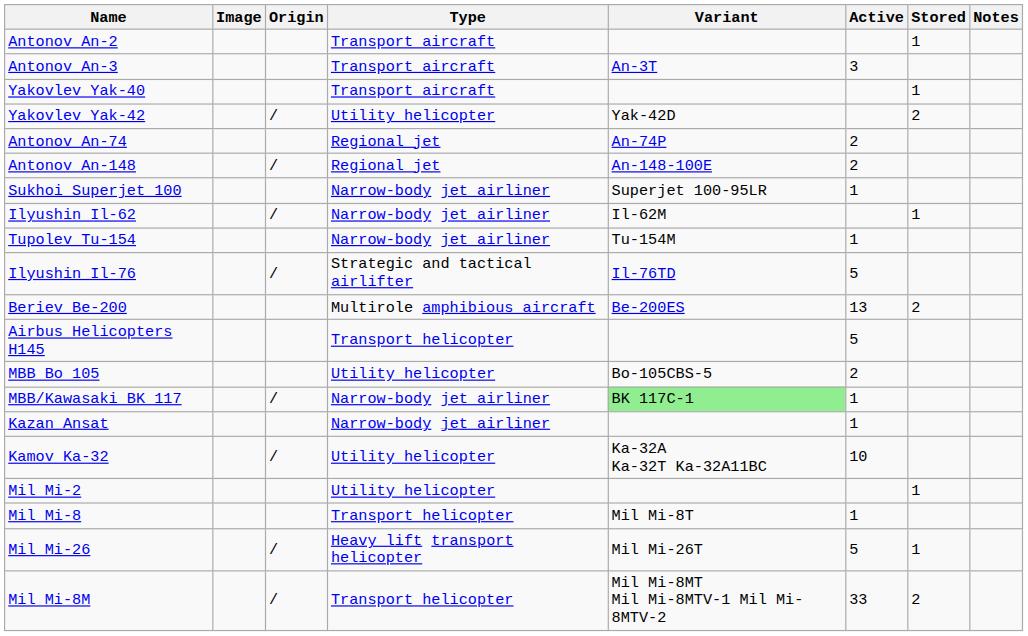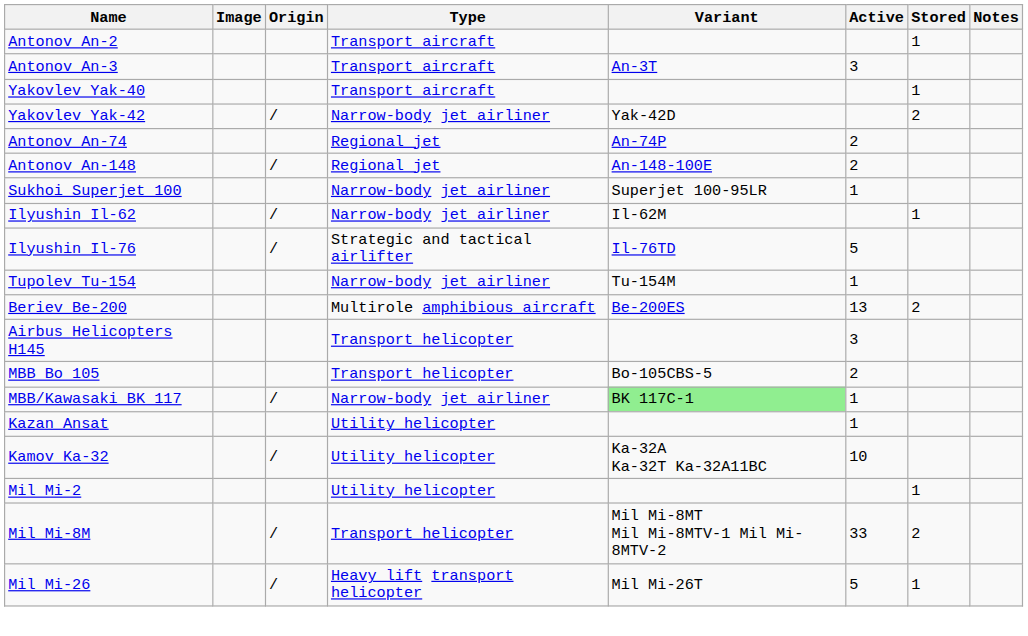 <table class="wikitable sortable">
 <tr>
 <th>Name</th>
 <th>Image</th>
 <th>Origin</th>
 <th>Type</th>
 <th>Variant</th>
 <th>Active</th>
 <th>Stored</th>
 <th>Notes</th>
 </tr>
 <tr>
 <td><a href='#'>Antonov An-2</a></td>
 <td></td>
 <td></td>
 <td><a href='#'>Transport aircraft</a></td>
 <td></td>
 <td></td>
 <td>1</td>
 <td></td>
 </tr>
 <tr>
 <td><a href='#'>Antonov An-3</a></td>
 <td></td>
 <td></td>
 <td><a href='#'>Transport aircraft</a></td>
 <td><a href='#'>An-3T</a></td>
 <td>3</td>
 <td></td>
 <td></td>
 </tr>
 <tr>
 <td><a href='#'>Yakovlev Yak-40</a></td>
 <td></td>
 <td></td>
 <td><a href='#'>Transport aircraft</a></td>
 <td></td>
 <td></td>
 <td>1</td>
 <td></td>
 </tr>
 <tr>
 <td><a href='#'>Yakovlev Yak-42</a></td>
 <td></td>
 <td> / </td>
-<td><a href='#'>Utility helicopter</a></td>
+<td><a href='#'>Narrow-body</a> <a href='#'>jet airliner</a></td>
 <td>Yak-42D</td>
 <td></td>
 <td>2</td>
 <td></td>
 </tr>
 <tr>
 <td><a href='#'>Antonov An-74</a></td>
 <td></td>
 <td></td>
 <td><a href='#'>Regional jet</a></td>
 <td><a href='#'>An-74P</a></td>
 <td>2</td>
 <td></td>
 <td></td>
 </tr>
 <tr>
 <td><a href='#'>Antonov An-148</a></td>
 <td></td>
 <td> / </td>
 <td><a href='#'>Regional jet</a></td>
 <td><a href='#'>An-148-100E</a></td>
 <td>2</td>
 <td></td>
 <td></td>
 </tr>
 <tr>
 <td><a href='#'>Sukhoi Superjet 100</a></td>
 <td></td>
 <td></td>
 <td><a href='#'>Narrow-body</a> <a href='#'>jet airliner</a></td>
 <td>Superjet 100-95LR</td>
 <td>1</td>
 <td></td>
 <td></td>
 </tr>
 <tr>
 <td><a href='#'>Ilyushin Il-62</a></td>
 <td></td>
 <td> / </td>
 <td><a href='#'>Narrow-body</a> <a href='#'>jet airliner</a></td>
 <td>Il-62M</td>
 <td></td>
 <td>1</td>
 <td></td>
 </tr>
 <tr>
+<td><a href='#'>Ilyushin Il-76</a></td>
+<td></td>
+<td> / </td>
+<td>Strategic and tactical <a href='#'>airlifter</a></td>
+<td><a href='#'>Il-76TD</a></td>
+<td>5</td>
+<td></td>
+<td></td>
+</tr>
+<tr>
 <td><a href='#'>Tupolev Tu-154</a></td>
 <td></td>
 <td></td>
 <td><a href='#'>Narrow-body</a> <a href='#'>jet airliner</a></td>
 <td>Tu-154M</td>
 <td>1</td>
-<td></td>
-<td></td>
-</tr>
-<tr>
-<td><a href='#'>Ilyushin Il-76</a></td>
-<td></td>
-<td> / </td>
-<td>Strategic and tactical <a href='#'>airlifter</a></td>
-<td><a href='#'>Il-76TD</a></td>
-<td>5</td>
 <td></td>
 <td></td>
 </tr>
 <tr>
 <td><a href='#'>Beriev Be-200</a></td>
 <td></td>
 <td></td>
 <td>Multirole <a href='#'>amphibious aircraft</a></td>
 <td><a href='#'>Be-200ES</a></td>
 <td>13</td>
 <td>2</td>
 <td></td>
 </tr>
 <tr>
 <td><a href='#'>Airbus Helicopters H145</a></td>
 <td></td>
 <td></td>
 <td><a href='#'>Transport helicopter</a></td>
 <td></td>
-<td>5</td>
+<td>3</td>
 <td></td>
 <td></td>
 </tr>
 <tr>
 <td><a href='#'>MBB Bo 105</a></td>
 <td></td>
 <td></td>
-<td><a href='#'>Utility helicopter</a></td>
+<td><a href='#'>Transport helicopter</a></td>
 <td>Bo-105CBS-5</td>
 <td>2</td>
 <td></td>
 <td></td>
 </tr>
 <tr>
 <td><a href='#'>MBB/Kawasaki BK 117</a></td>
 <td></td>
 <td> / </td>
 <td><a href='#'>Narrow-body</a> <a href='#'>jet airliner</a></td>
 <td style="background: lightgreen;">BK 117C-1</td>
 <td>1</td>
 <td></td>
 <td></td>
 </tr>
 <tr>
 <td><a href='#'>Kazan Ansat</a></td>
 <td></td>
 <td></td>
-<td><a href='#'>Narrow-body</a> <a href='#'>jet airliner</a></td>
+<td><a href='#'>Utility helicopter</a></td>
 <td></td>
 <td>1</td>
 <td></td>
 <td></td>
 </tr>
 <tr>
 <td><a href='#'>Kamov Ka-32</a></td>
 <td></td>
 <td> / </td>
 <td><a href='#'>Utility helicopter</a></td>
 <td>Ka-32A<br>Ka-32T Ka-32A11BC</td>
 <td>10</td>
 <td></td>
 <td></td>
 </tr>
 <tr>
 <td><a href='#'>Mil Mi-2</a></td>
 <td></td>
 <td></td>
 <td><a href='#'>Utility helicopter</a></td>
 <td></td>
 <td></td>
 <td>1</td>
 <td></td>
 </tr>
 <tr>
-<td><a href='#'>Mil Mi-8</a></td>
+<td><a href='#'>Mil Mi-8M</a></td>
 <td></td>
-<td></td>
+<td> / </td>
 <td><a href='#'>Transport helicopter</a></td>
-<td>Mil Mi-8T</td>
-<td>1</td>
-<td></td>
+<td>Mil Mi-8MT<br>Mil Mi-8MTV-1 Mil Mi-8MTV-2</td>
+<td>33</td>
+<td>2</td>
 <td></td>
 </tr>
 <tr>
 <td><a href='#'>Mil Mi-26</a></td>
 <td></td>
 <td> / </td>
 <td><a href='#'>Heavy lift</a> <a href='#'>transport helicopter</a></td>
 <td>Mil Mi-26T</td>
 <td>5</td>
 <td>1</td>
 <td></td>
 </tr>
-<tr>
-<td><a href='#'>Mil Mi-8M</a></td>
-<td></td>
-<td> / </td>
-<td><a href='#'>Transport helicopter</a></td>
-<td>Mil Mi-8MT<br>Mil Mi-8MTV-1 Mil Mi-8MTV-2</td>
-<td>33</td>
-<td>2</td>
-<td></td>
-</tr>
 </table>
